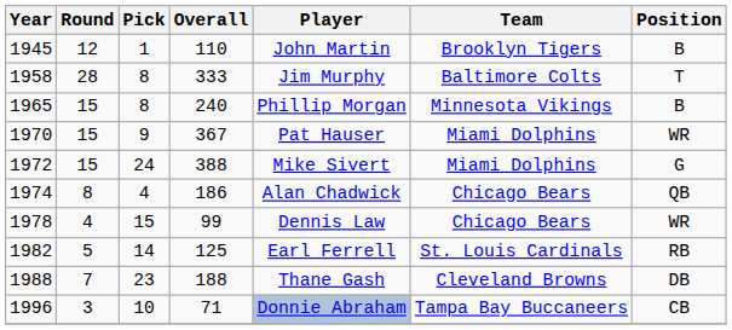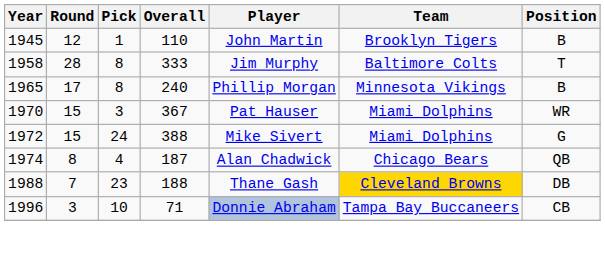 <table class="wikitable sortable" style="text-align: center;">
 <tr>
 <th>Year</th>
 <th>Round</th>
 <th>Pick</th>
 <th>Overall</th>
 <th>Player</th>
 <th>Team</th>
 <th>Position</th>
 </tr>
 <tr>
 <td>1945</td>
 <td>12</td>
 <td>1</td>
 <td>110</td>
 <td><a href='#'>John Martin</a></td>
 <td><a href='#'>Brooklyn Tigers</a></td>
 <td>B</td>
 </tr>
 <tr>
 <td>1958</td>
 <td>28</td>
 <td>8</td>
 <td>333</td>
 <td><a href='#'>Jim Murphy</a></td>
 <td><a href='#'>Baltimore Colts</a></td>
 <td>T</td>
 </tr>
 <tr>
 <td>1965</td>
-<td>15</td>
+<td>17</td>
 <td>8</td>
 <td>240</td>
 <td><a href='#'>Phillip Morgan</a></td>
 <td><a href='#'>Minnesota Vikings</a></td>
 <td>B</td>
 </tr>
 <tr>
 <td>1970</td>
 <td>15</td>
-<td>9</td>
+<td>3</td>
 <td>367</td>
 <td><a href='#'>Pat Hauser</a></td>
 <td><a href='#'>Miami Dolphins</a></td>
 <td>WR</td>
 </tr>
 <tr>
 <td>1972</td>
 <td>15</td>
 <td>24</td>
 <td>388</td>
 <td><a href='#'>Mike Sivert</a></td>
 <td><a href='#'>Miami Dolphins</a></td>
 <td>G</td>
 </tr>
 <tr>
 <td>1974</td>
 <td>8</td>
 <td>4</td>
-<td>186</td>
+<td>187</td>
 <td><a href='#'>Alan Chadwick</a></td>
 <td><a href='#'>Chicago Bears</a></td>
 <td>QB</td>
-</tr>
-<tr>
-<td>1978</td>
-<td>4</td>
-<td>15</td>
-<td>99</td>
-<td><a href='#'>Dennis Law</a></td>
-<td><a href='#'>Chicago Bears</a></td>
-<td>WR</td>
-</tr>
-<tr>
-<td>1982</td>
-<td>5</td>
-<td>14</td>
-<td>125</td>
-<td><a href='#'>Earl Ferrell</a></td>
-<td><a href='#'>St. Louis Cardinals</a></td>
-<td>RB</td>
 </tr>
 <tr>
 <td>1988</td>
 <td>7</td>
 <td>23</td>
 <td>188</td>
 <td><a href='#'>Thane Gash</a></td>
-<td><a href='#'>Cleveland Browns</a></td>
+<td style="background: gold;"><a href='#'>Cleveland Browns</a></td>
 <td>DB</td>
 </tr>
 <tr>
 <td>1996</td>
 <td>3</td>
 <td>10</td>
 <td>71</td>
 <td style="background-color:lightsteelblue"><a href='#'>Donnie Abraham</a></td>
 <td><a href='#'>Tampa Bay Buccaneers</a></td>
 <td>CB</td>
 </tr>
 <tr>
 </tr>
 </table>
